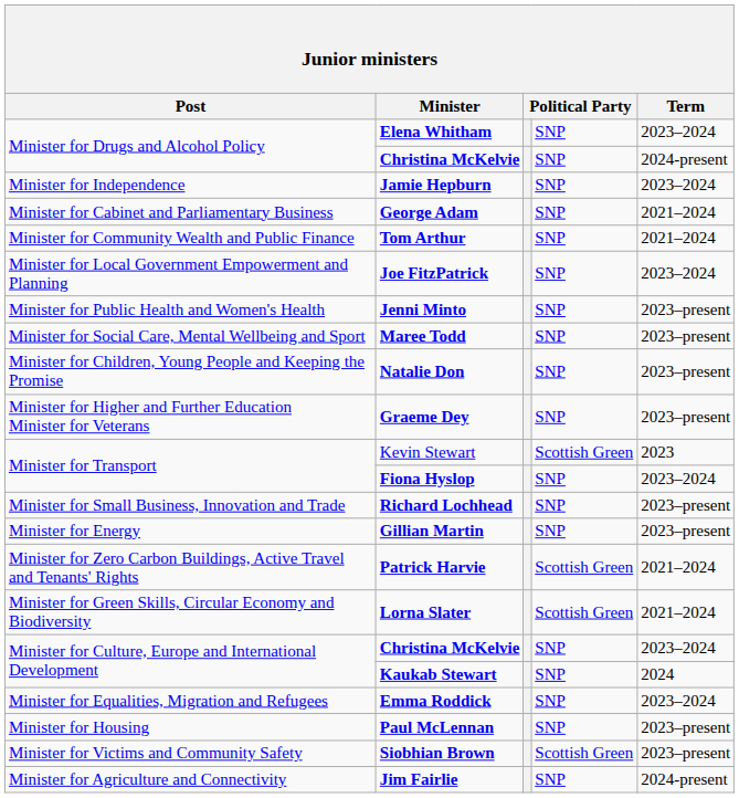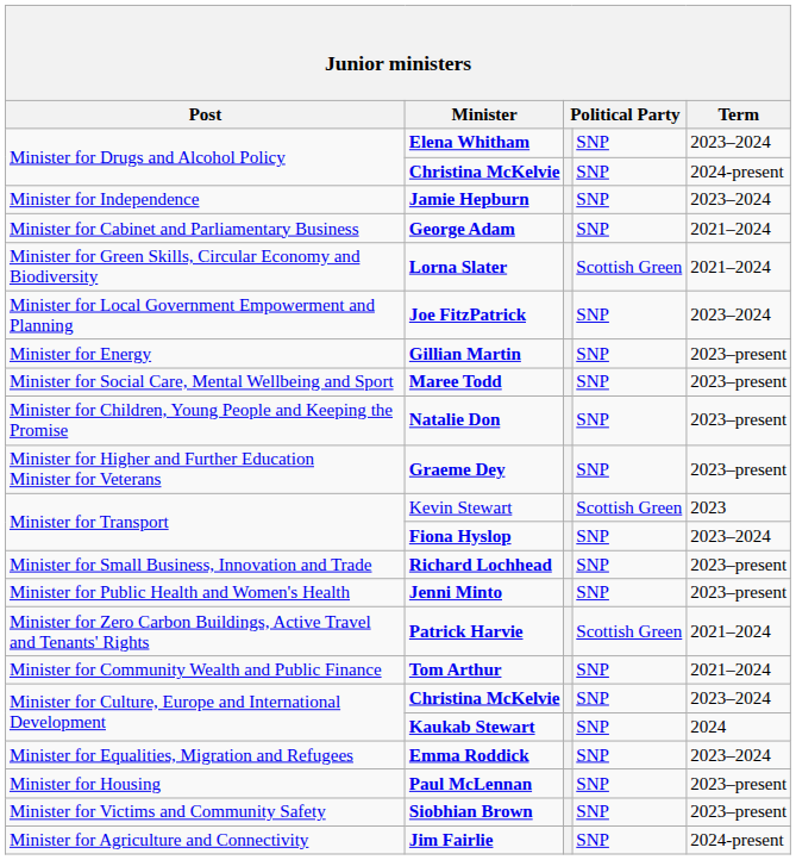 <table class="wikitable">
 <tr>
 <th colspan="5"><br><h3>Junior ministers</h3></th>
 </tr>
 <tr>
 <th style="width: 350px">Post</th>
 <th>Minister</th>
 <th colspan="2">Political Party</th>
 <th>Term</th>
 </tr>
 <tr>
 <td rowspan="2"><a href='#'>Minister for Drugs and Alcohol Policy</a></td>
 <td><strong><a href='#'>Elena Whitham</a></strong> </td>
 <th style="background-color: "></th>
 <td><a href='#'>SNP</a></td>
 <td>2023–2024</td>
 </tr>
 <tr>
 <td><strong><a href='#'>Christina McKelvie</a></strong> </td>
 <th style="background-color: "></th>
 <td><a href='#'>SNP</a></td>
 <td>2024-present</td>
 </tr>
 <tr>
 <td><a href='#'>Minister for Independence</a></td>
 <td><strong><a href='#'>Jamie Hepburn</a></strong> </td>
 <th style="background-color: "></th>
 <td><a href='#'>SNP</a></td>
 <td>2023–2024</td>
 </tr>
 <tr>
 <td><a href='#'>Minister for Cabinet and Parliamentary Business</a></td>
 <td><strong><a href='#'>George Adam</a></strong> </td>
 <th style="background-color: "></th>
 <td><a href='#'>SNP</a></td>
 <td>2021–2024</td>
 </tr>
 <tr>
-<td><a href='#'>Minister for Community Wealth and Public Finance</a></td>
-<td><a href='#'><strong>Tom Arthur</strong></a> </td>
+<td><a href='#'>Minister for Green Skills, Circular Economy and Biodiversity</a></td>
+<td><strong><a href='#'>Lorna Slater</a></strong> </td>
 <th style="background-color: "></th>
-<td><a href='#'>SNP</a></td>
+<td><a href='#'>Scottish Green</a></td>
 <td>2021–2024</td>
 </tr>
 <tr>
 <td><a href='#'>Minister for Local Government Empowerment and Planning</a></td>
 <td><strong><a href='#'>Joe FitzPatrick</a></strong> </td>
 <th style="background-color: "></th>
 <td><a href='#'>SNP</a></td>
 <td>2023–2024</td>
 </tr>
 <tr>
-<td><a href='#'>Minister for Public Health and Women's Health</a></td>
-<td><strong><a href='#'>Jenni Minto</a></strong> </td>
+<td><a href='#'>Minister for Energy</a></td>
+<td><strong><a href='#'>Gillian Martin</a></strong> </td>
 <th style="background-color: "></th>
 <td><a href='#'>SNP</a></td>
 <td>2023–present</td>
 </tr>
 <tr>
 <td><a href='#'>Minister for Social Care, Mental Wellbeing and Sport</a></td>
 <td><strong><a href='#'>Maree Todd</a></strong> </td>
 <th style="background-color: "></th>
 <td><a href='#'>SNP</a></td>
 <td>2023–present</td>
 </tr>
 <tr>
 <td><a href='#'>Minister for Children, Young People and Keeping the Promise</a></td>
 <td><strong><a href='#'>Natalie Don</a></strong> </td>
 <th style="background-color: "></th>
 <td><a href='#'>SNP</a></td>
 <td>2023–present</td>
 </tr>
 <tr>
 <td><a href='#'>Minister for Higher and Further Education</a><br><a href='#'>Minister for Veterans</a></td>
 <td><strong><a href='#'>Graeme Dey</a></strong> </td>
 <th style="background-color: "></th>
 <td><a href='#'>SNP</a></td>
 <td>2023–present</td>
 </tr>
 <tr>
 <td rowspan="2"><a href='#'>Minister for Transport</a></td>
 <td><a href='#'>Kevin Stewart</a> </td>
 <th style="background-color: "></th>
 <td><a href='#'>Scottish Green</a></td>
 <td>2023</td>
 </tr>
 <tr>
 <td><strong><a href='#'>Fiona Hyslop</a></strong> </td>
 <th style="background-color: "></th>
 <td><a href='#'>SNP</a></td>
 <td>2023–2024</td>
 </tr>
 <tr>
 <td><a href='#'>Minister for Small Business, Innovation and Trade</a></td>
 <td><strong><a href='#'>Richard Lochhead</a></strong> </td>
 <th style="background-color: "></th>
 <td><a href='#'>SNP</a></td>
 <td>2023–present</td>
 </tr>
 <tr>
-<td><a href='#'>Minister for Energy</a></td>
-<td><strong><a href='#'>Gillian Martin</a></strong> </td>
+<td><a href='#'>Minister for Public Health and Women's Health</a></td>
+<td><strong><a href='#'>Jenni Minto</a></strong> </td>
 <th style="background-color: "></th>
 <td><a href='#'>SNP</a></td>
 <td>2023–present</td>
 </tr>
 <tr>
 <td><a href='#'>Minister for Zero Carbon Buildings, Active Travel and Tenants' Rights</a></td>
 <td><strong><a href='#'>Patrick Harvie</a></strong> </td>
 <th style="background-color: "></th>
 <td><a href='#'>Scottish Green</a></td>
 <td>2021–2024</td>
 </tr>
 <tr>
-<td><a href='#'>Minister for Green Skills, Circular Economy and Biodiversity</a></td>
-<td><strong><a href='#'>Lorna Slater</a></strong> </td>
+<td><a href='#'>Minister for Community Wealth and Public Finance</a></td>
+<td><a href='#'><strong>Tom Arthur</strong></a> </td>
 <th style="background-color: "></th>
-<td><a href='#'>Scottish Green</a></td>
+<td><a href='#'>SNP</a></td>
 <td>2021–2024</td>
 </tr>
 <tr>
 <td rowspan="2"><a href='#'>Minister for Culture, Europe and International Development</a></td>
 <td><strong><a href='#'>Christina McKelvie</a></strong> </td>
 <th style="background-color: "></th>
 <td><a href='#'>SNP</a></td>
 <td>2023–2024</td>
 </tr>
 <tr>
 <td><strong><a href='#'>Kaukab Stewart</a></strong> </td>
 <th style="background-color: "></th>
 <td><a href='#'>SNP</a></td>
 <td>2024</td>
 </tr>
 <tr>
 <td><a href='#'>Minister for Equalities, Migration and Refugees</a></td>
 <td><strong><a href='#'>Emma Roddick</a></strong> </td>
 <th style="background-color: "></th>
 <td><a href='#'>SNP</a></td>
 <td>2023–2024</td>
 </tr>
 <tr>
 <td><a href='#'>Minister for Housing</a></td>
 <td><strong><a href='#'>Paul McLennan</a></strong> </td>
 <th style="background-color: "></th>
 <td><a href='#'>SNP</a></td>
 <td>2023–present</td>
 </tr>
 <tr>
 <td><a href='#'>Minister for Victims and Community Safety</a></td>
 <td><strong><a href='#'>Siobhian Brown</a></strong> </td>
 <th style="background-color: "></th>
-<td><a href='#'>Scottish Green</a></td>
+<td><a href='#'>SNP</a></td>
 <td>2023–present</td>
 </tr>
 <tr>
 <td><a href='#'>Minister for Agriculture and Connectivity</a></td>
 <td><strong><a href='#'>Jim Fairlie</a></strong> </td>
 <th style="background-color: "></th>
 <td><a href='#'>SNP</a></td>
 <td>2024-present</td>
 </tr>
 </table>
